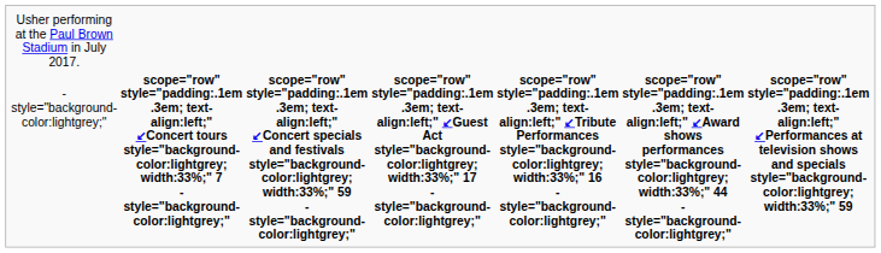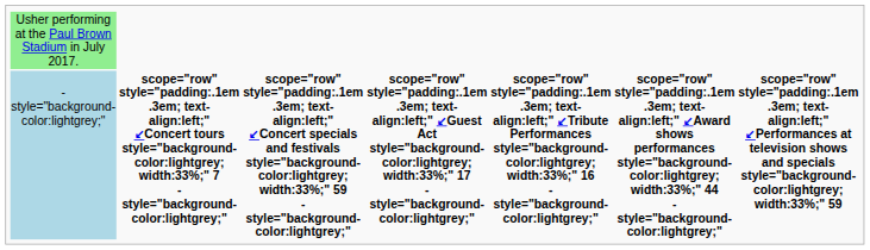 <table class="infobox" style="width:22em; font-size: 88%; text-align:center;">
 <tr>
 </tr>
 <tr>
-<td>Usher performing at the <a href='#'>Paul Brown Stadium</a> in July 2017.</td>
+<td style="background: lightgreen;">Usher performing at the <a href='#'>Paul Brown Stadium</a> in July 2017.</td>
 </tr>
 <tr>
-<td><br>- style="background-color:lightgrey;"</td>
+<td style="background: lightblue;"><br>- style="background-color:lightgrey;"</td>
 <th>scope="row" style="padding:.1em .3em; text-align:left;"  <span><a href='#'>↙</a></span>Concert tours<br> style="background-color:lightgrey; width:33%;"  7<br>- style="background-color:lightgrey;"</th>
 <th>scope="row" style="padding:.1em .3em; text-align:left;"  <span><a href='#'>↙</a></span>Concert specials and festivals<br> style="background-color:lightgrey; width:33%;"  59<br>- style="background-color:lightgrey;"</th>
 <th>scope="row" style="padding:.1em .3em; text-align:left;"  <span><a href='#'>↙</a></span>Guest Act<br> style="background-color:lightgrey; width:33%;"  17<br>- style="background-color:lightgrey;"</th>
 <th>scope="row" style="padding:.1em .3em; text-align:left;"  <span><a href='#'>↙</a></span>Tribute Performances<br> style="background-color:lightgrey; width:33%;"  16<br>- style="background-color:lightgrey;"</th>
 <th>scope="row" style="padding:.1em .3em; text-align:left;"  <span><a href='#'>↙</a></span>Award shows performances<br> style="background-color:lightgrey; width:33%;"  44<br>- style="background-color:lightgrey;"</th>
 <th>scope="row" style="padding:.1em .3em; text-align:left;"  <span><a href='#'>↙</a></span>Performances at television shows and specials<br> style="background-color:lightgrey; width:33%;"  59</th>
 </tr>
 </table>
